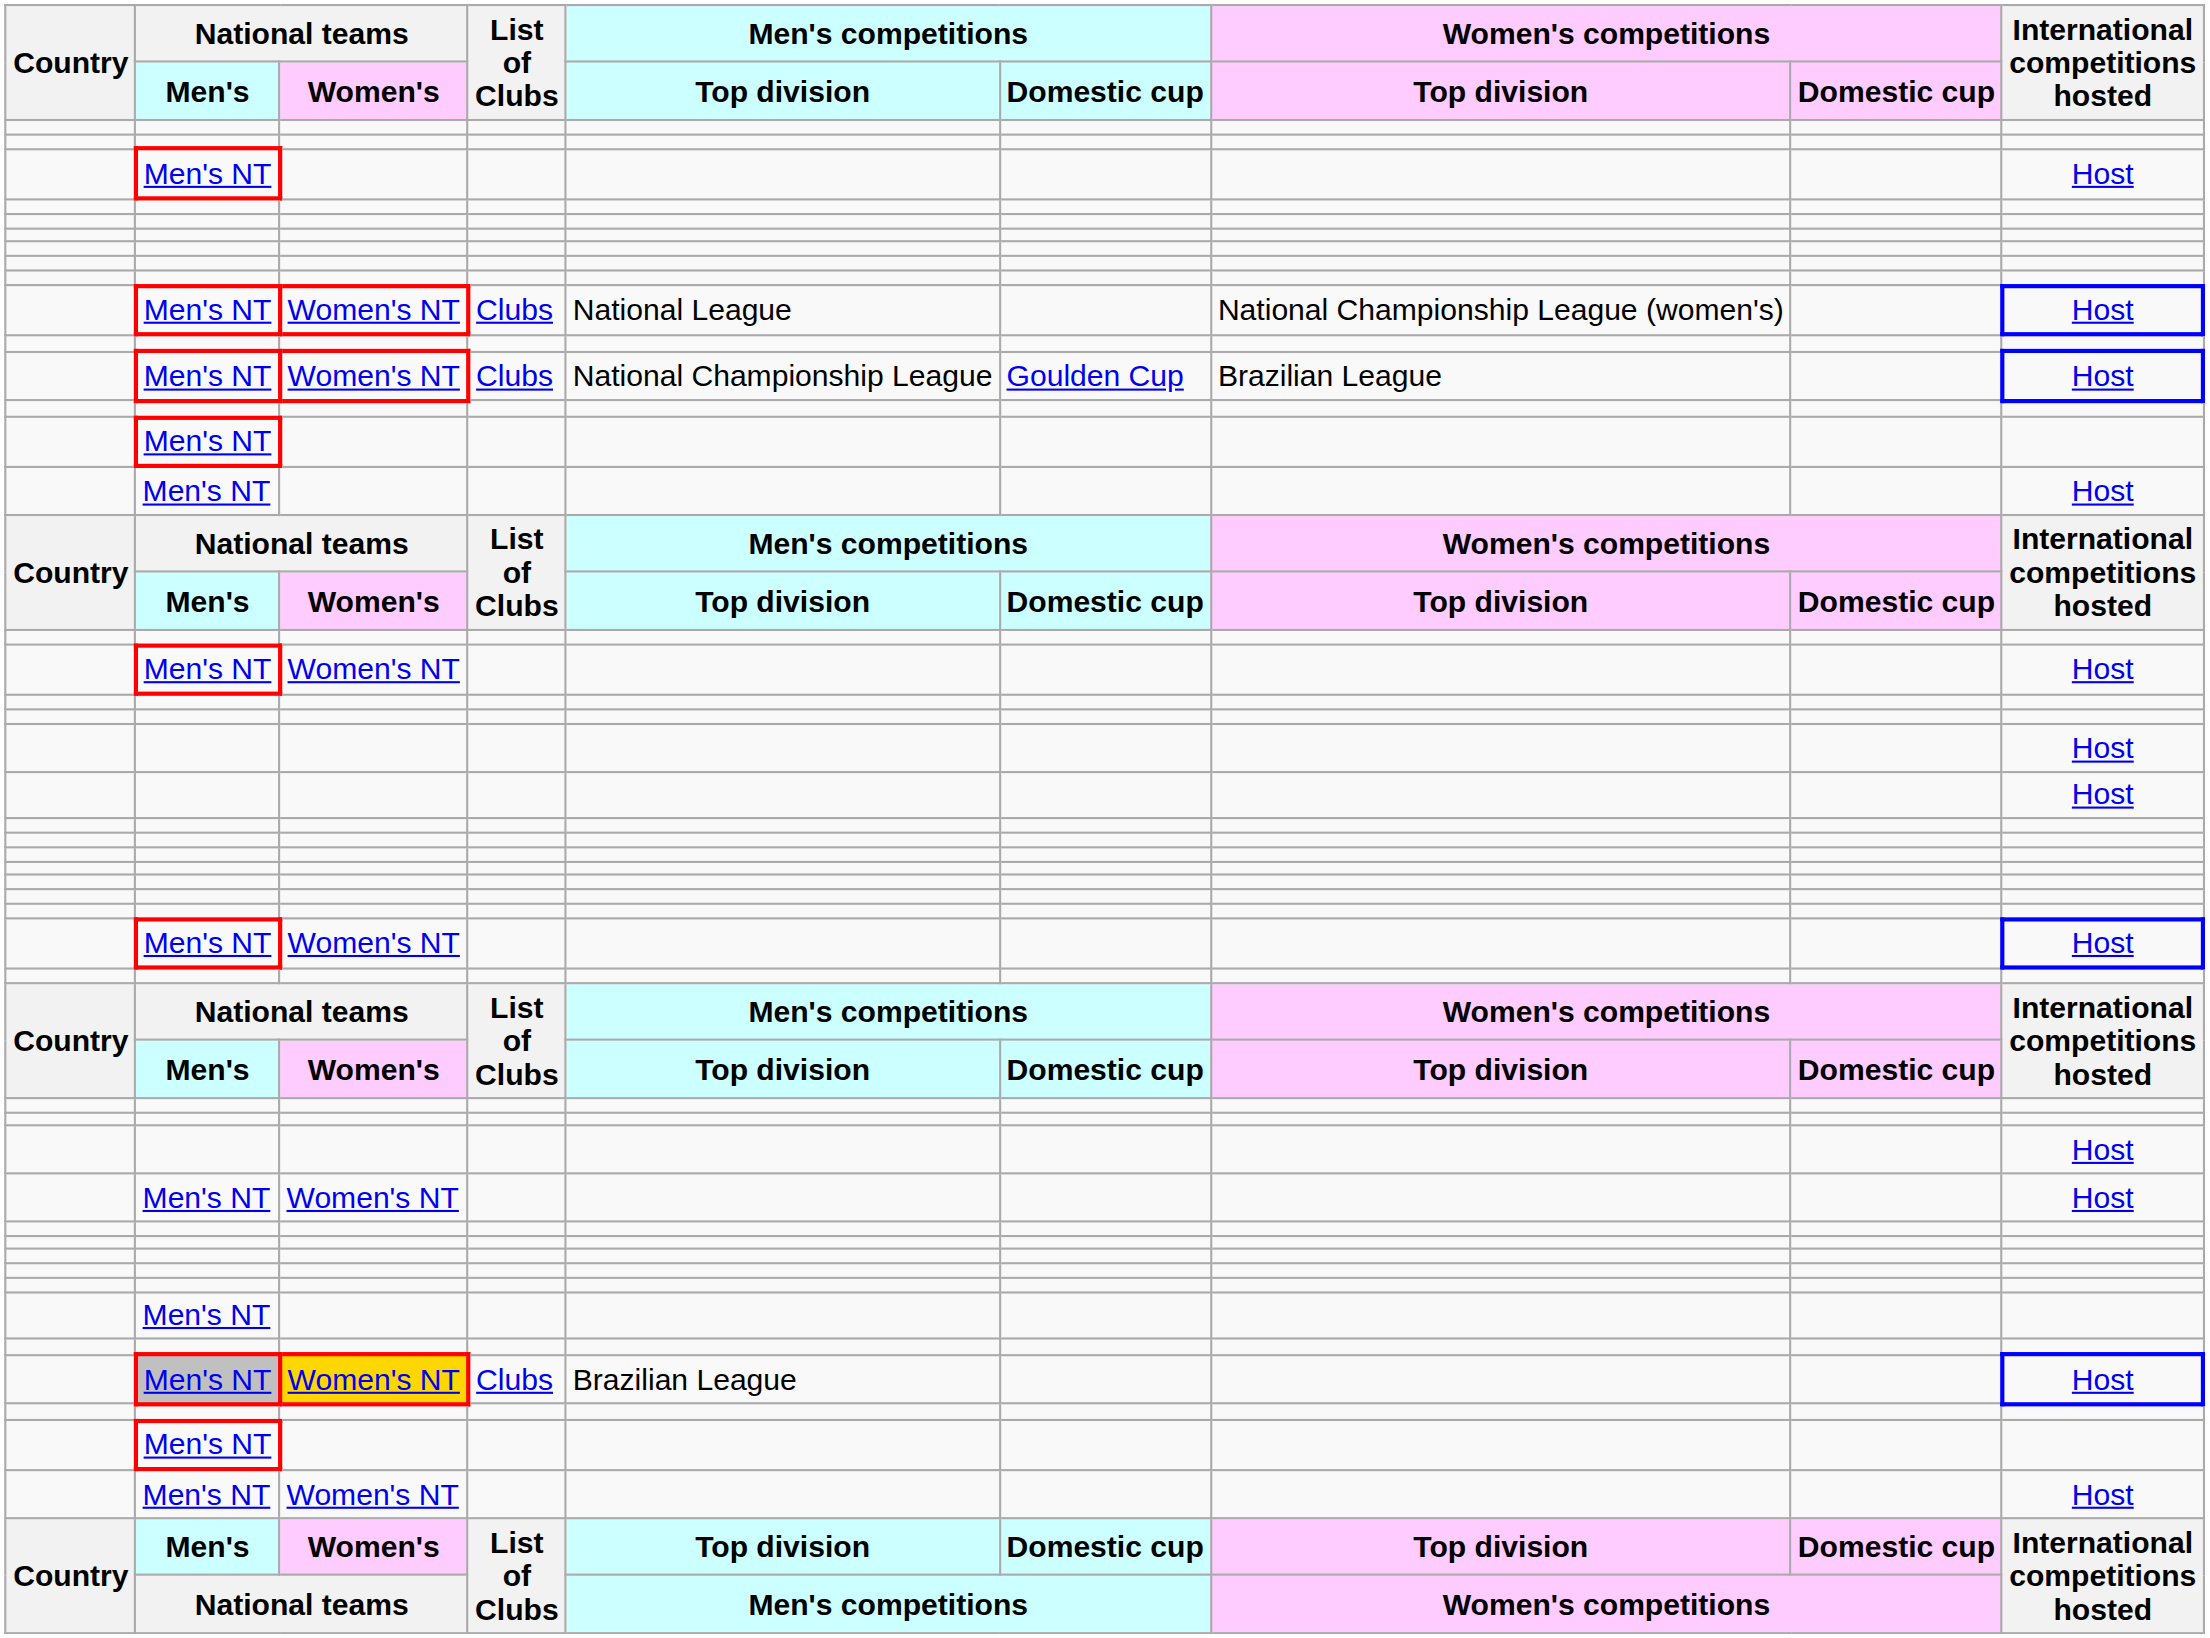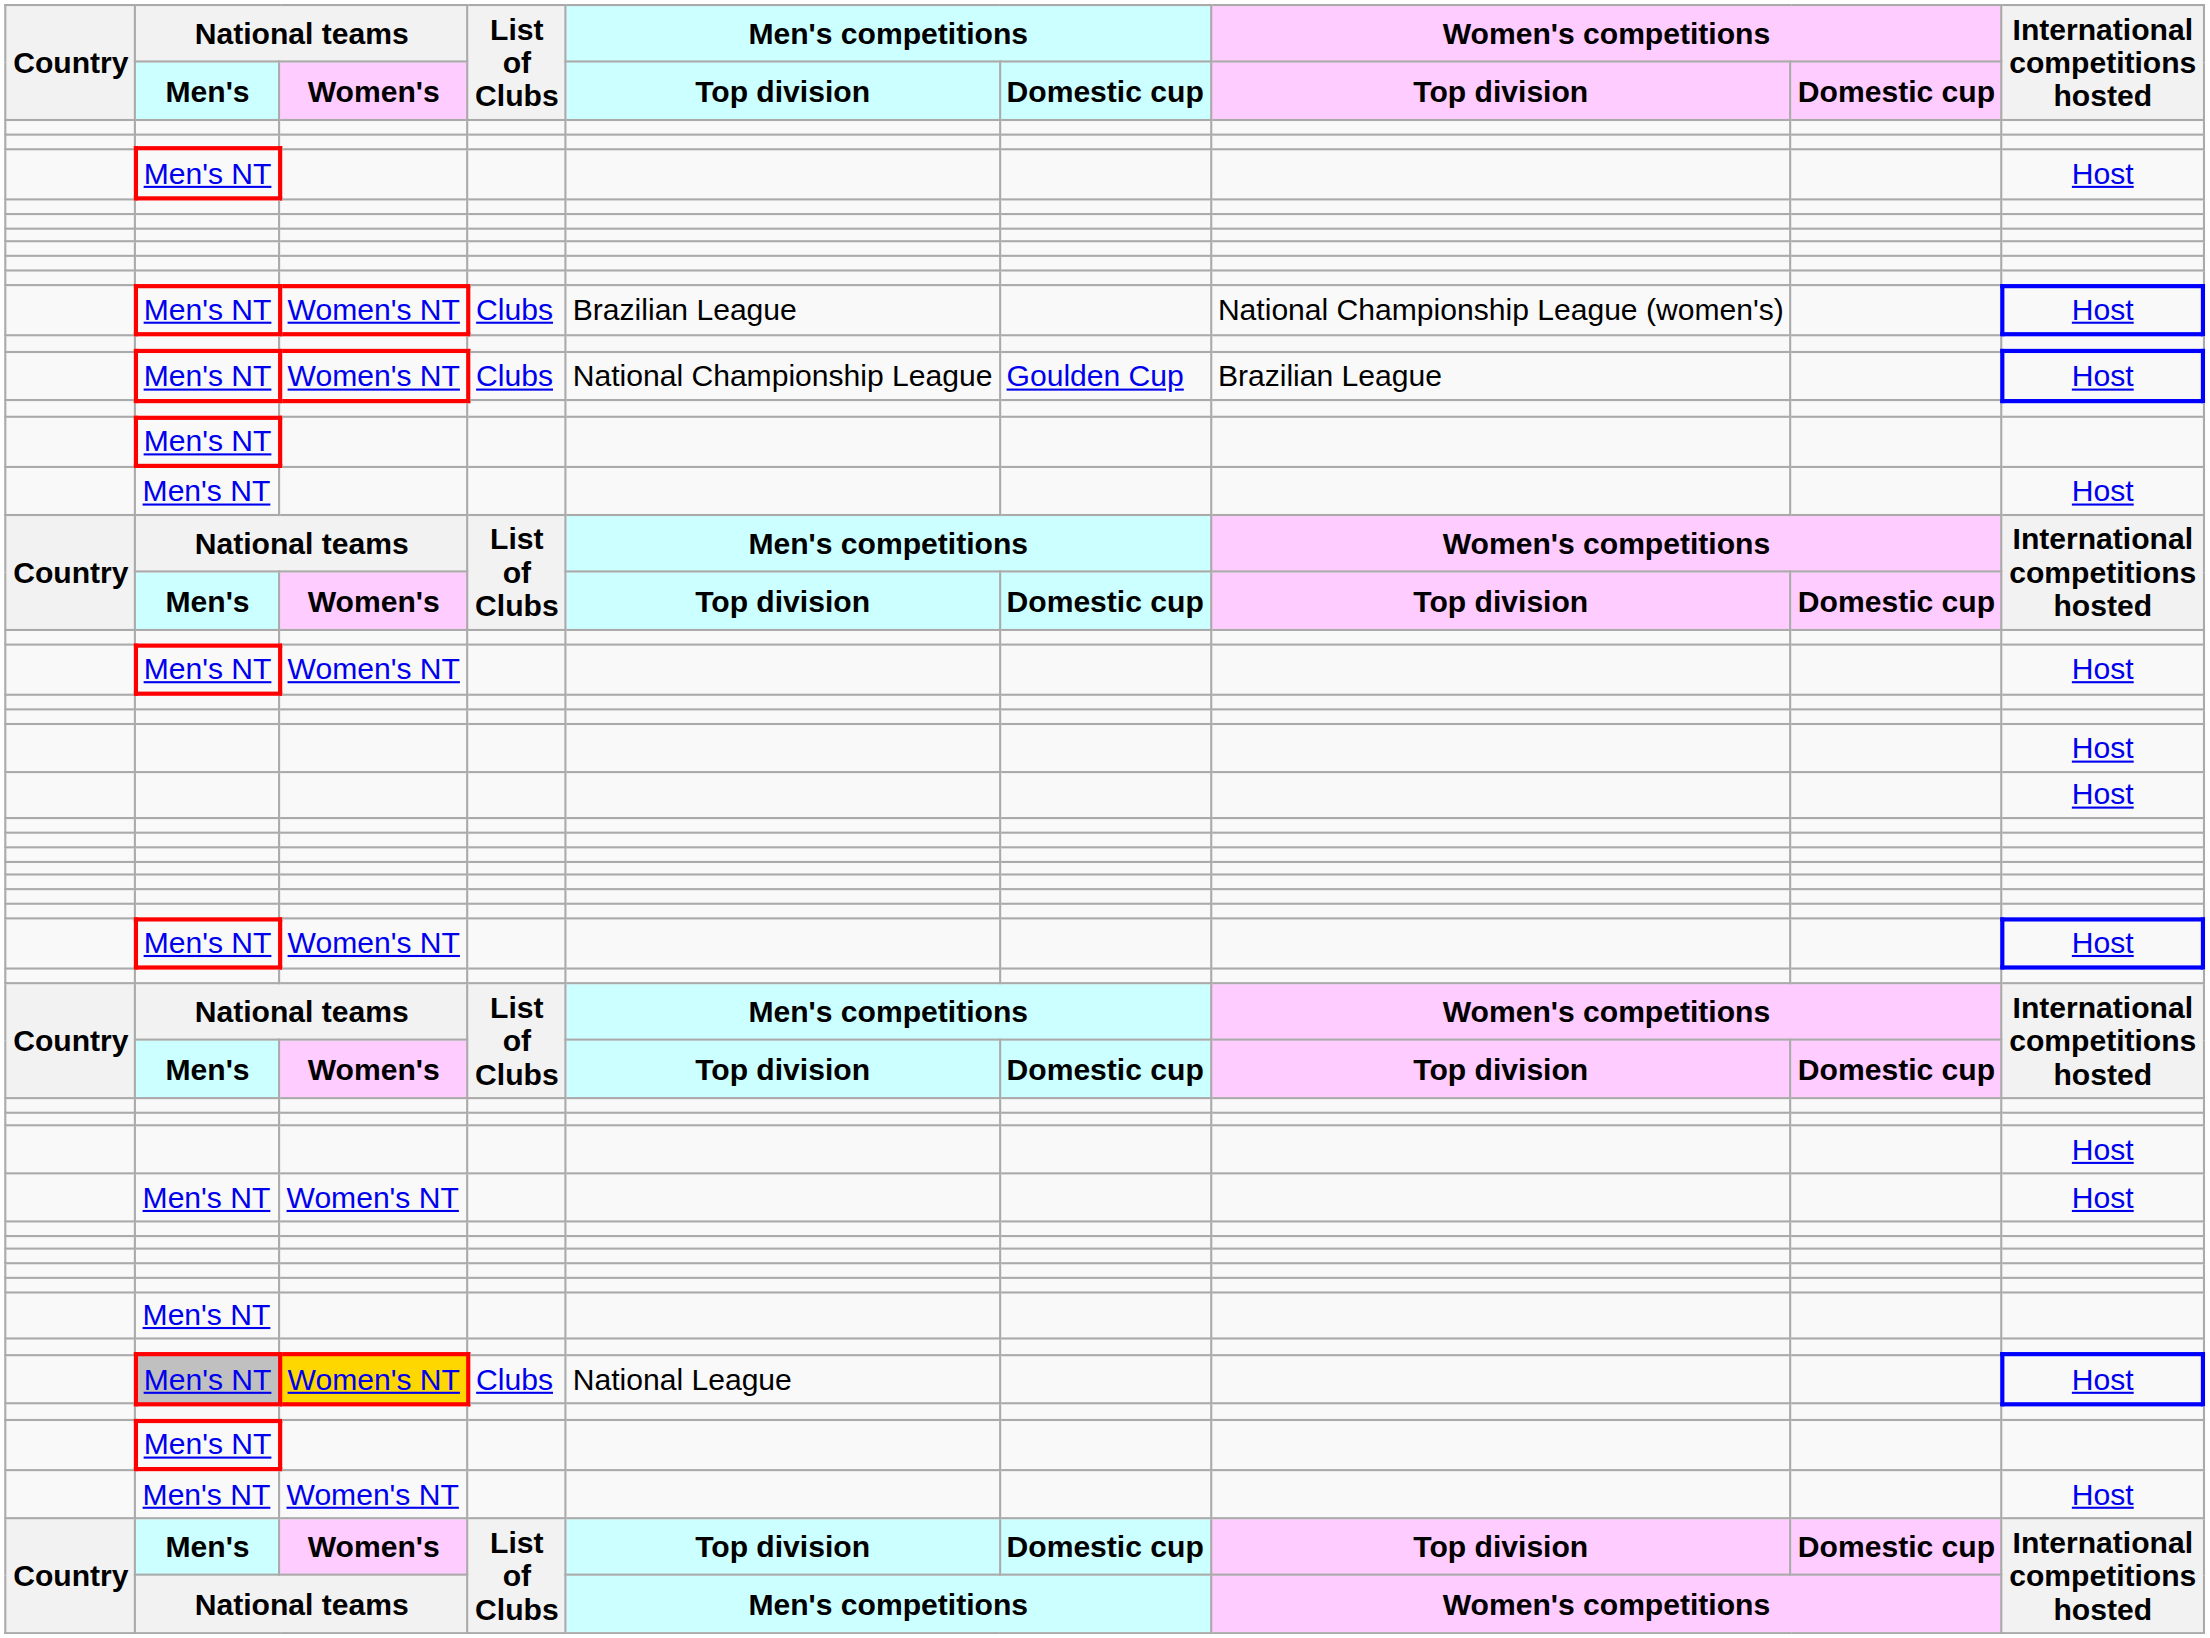 <table class="wikitable" style="text-align: left; font-size: 90%; margin-left: 1em;">
 <tr>
 <th rowspan="2">Country</th>
 <th colspan="2">National teams</th>
 <th rowspan="2">List<br>of<br>Clubs</th>
 <th colspan="2" style="background-color: #ccffff;">Men's competitions</th>
 <th colspan="2" style="background-color: #ffccff;">Women's competitions</th>
 <th rowspan="2">International<br>competitions<br>hosted</th>
 </tr>
 <tr>
 <th style="background-color: #ccffff;">Men's</th>
 <th style="background-color: #ffccff;">Women's</th>
 <th style="background-color: #ccffff;">Top division</th>
 <th style="background-color: #ccffff;">Domestic cup</th>
 <th style="background-color: #ffccff;">Top division</th>
 <th style="background-color: #ffccff;">Domestic cup</th>
 </tr>
 <tr>
 <td></td>
 <td></td>
 <td></td>
 <td></td>
 <td></td>
 <td></td>
 <td></td>
 <td></td>
 <td></td>
 </tr>
 <tr>
 <td></td>
 <td></td>
 <td></td>
 <td></td>
 <td></td>
 <td></td>
 <td></td>
 <td></td>
 <td></td>
 </tr>
 <tr>
 <td></td>
 <td style="border: 2px solid red;"><a href='#'>Men's NT</a></td>
 <td></td>
 <td></td>
 <td></td>
 <td></td>
 <td></td>
 <td></td>
 <td style="text-align: center;"><a href='#'>Host</a></td>
 </tr>
 <tr>
 <td></td>
 <td></td>
 <td></td>
 <td></td>
 <td></td>
 <td></td>
 <td></td>
 <td></td>
 <td></td>
 </tr>
 <tr>
 <td></td>
 <td></td>
 <td></td>
 <td></td>
 <td></td>
 <td></td>
 <td></td>
 <td></td>
 <td></td>
 </tr>
 <tr>
 <td></td>
 <td></td>
 <td></td>
 <td></td>
 <td></td>
 <td></td>
 <td></td>
 <td></td>
 <td></td>
 </tr>
 <tr>
 <td></td>
 <td></td>
 <td></td>
 <td></td>
 <td></td>
 <td></td>
 <td></td>
 <td></td>
 <td></td>
 </tr>
 <tr>
 <td></td>
 <td></td>
 <td></td>
 <td></td>
 <td></td>
 <td></td>
 <td></td>
 <td></td>
 <td></td>
 </tr>
 <tr>
 <td></td>
 <td></td>
 <td></td>
 <td></td>
 <td></td>
 <td></td>
 <td></td>
 <td></td>
 <td></td>
 </tr>
 <tr>
 <td></td>
 <td style="border: 2px solid red;"><a href='#'>Men's NT</a></td>
 <td style="border: 2px solid red;"><a href='#'>Women's NT</a></td>
 <td><a href='#'>Clubs</a></td>
-<td>National League</td>
+<td>Brazilian League</td>
 <td></td>
 <td>National Championship League (women's)</td>
 <td></td>
 <td style="border: 2px solid blue; text-align: center;"><a href='#'>Host</a></td>
 </tr>
 <tr>
 <td></td>
 <td></td>
 <td></td>
 <td></td>
 <td></td>
 <td></td>
 <td></td>
 <td></td>
 <td></td>
 </tr>
 <tr>
 <td></td>
 <td style="border: 2px solid red;"><a href='#'>Men's NT</a></td>
 <td style="border: 2px solid red;"><a href='#'>Women's NT</a></td>
 <td><a href='#'>Clubs</a></td>
 <td>National Championship League</td>
 <td><a href='#'>Goulden Cup</a></td>
 <td>Brazilian League</td>
 <td></td>
 <td style="border: 2px solid blue; text-align: center;"><a href='#'>Host</a></td>
 </tr>
 <tr>
 <td></td>
 <td></td>
 <td></td>
 <td></td>
 <td></td>
 <td></td>
 <td></td>
 <td></td>
 <td></td>
 </tr>
 <tr>
 <td></td>
 <td style="border: 2px solid red;"><a href='#'>Men's NT</a></td>
 <td></td>
 <td></td>
 <td></td>
 <td></td>
 <td></td>
 <td></td>
 <td></td>
 </tr>
 <tr>
 <td></td>
 <td><a href='#'>Men's NT</a></td>
 <td></td>
 <td></td>
 <td></td>
 <td></td>
 <td></td>
 <td></td>
 <td style="text-align: center;"><a href='#'>Host</a></td>
 </tr>
 <tr>
 <th rowspan="2">Country</th>
 <th colspan="2">National teams</th>
 <th rowspan="2">List<br>of<br>Clubs</th>
 <th colspan="2" style="background-color: #ccffff;">Men's competitions</th>
 <th colspan="2" style="background-color: #ffccff;">Women's competitions</th>
 <th rowspan="2">International<br>competitions<br>hosted</th>
 </tr>
 <tr>
 <th style="background-color: #ccffff;">Men's</th>
 <th style="background-color: #ffccff;">Women's</th>
 <th style="background-color: #ccffff;">Top division</th>
 <th style="background-color: #ccffff;">Domestic cup</th>
 <th style="background-color: #ffccff;">Top division</th>
 <th style="background-color: #ffccff;">Domestic cup</th>
 </tr>
 <tr>
 <td></td>
 <td></td>
 <td></td>
 <td></td>
 <td></td>
 <td></td>
 <td></td>
 <td></td>
 <td></td>
 </tr>
 <tr>
 <td></td>
 <td style="border: 2px solid red;"><a href='#'>Men's NT</a></td>
 <td><a href='#'>Women's NT</a></td>
 <td></td>
 <td></td>
 <td></td>
 <td></td>
 <td></td>
 <td style="text-align: center;"><a href='#'>Host</a></td>
 </tr>
 <tr>
 <td></td>
 <td></td>
 <td></td>
 <td></td>
 <td></td>
 <td></td>
 <td></td>
 <td></td>
 <td></td>
 </tr>
 <tr>
 <td></td>
 <td></td>
 <td></td>
 <td></td>
 <td></td>
 <td></td>
 <td></td>
 <td></td>
 <td></td>
 </tr>
 <tr>
 <td></td>
 <td></td>
 <td></td>
 <td></td>
 <td></td>
 <td></td>
 <td></td>
 <td></td>
 <td style="text-align: center;"><a href='#'>Host</a></td>
 </tr>
 <tr>
 <td></td>
 <td></td>
 <td></td>
 <td></td>
 <td></td>
 <td></td>
 <td></td>
 <td></td>
 <td style="text-align: center;"><a href='#'>Host</a></td>
 </tr>
 <tr>
 <td></td>
 <td></td>
 <td></td>
 <td></td>
 <td></td>
 <td></td>
 <td></td>
 <td></td>
 <td></td>
 </tr>
 <tr>
 <td></td>
 <td></td>
 <td></td>
 <td></td>
 <td></td>
 <td></td>
 <td></td>
 <td></td>
 <td></td>
 </tr>
 <tr>
 <td></td>
 <td></td>
 <td></td>
 <td></td>
 <td></td>
 <td></td>
 <td></td>
 <td></td>
 <td></td>
 </tr>
 <tr>
 <td></td>
 <td></td>
 <td></td>
 <td></td>
 <td></td>
 <td></td>
 <td></td>
 <td></td>
 <td></td>
 </tr>
 <tr>
 <td></td>
 <td></td>
 <td></td>
 <td></td>
 <td></td>
 <td></td>
 <td></td>
 <td></td>
 <td></td>
 </tr>
 <tr>
 <td></td>
 <td></td>
 <td></td>
 <td></td>
 <td></td>
 <td></td>
 <td></td>
 <td></td>
 <td></td>
 </tr>
 <tr>
 <td></td>
 <td></td>
 <td></td>
 <td></td>
 <td></td>
 <td></td>
 <td></td>
 <td></td>
 <td></td>
 </tr>
 <tr>
 <td></td>
 <td style="border: 2px solid red;"><a href='#'>Men's NT</a></td>
 <td><a href='#'>Women's NT</a></td>
 <td></td>
 <td></td>
 <td></td>
 <td></td>
 <td></td>
 <td style="border: 2px solid blue; text-align: center;"><a href='#'>Host</a></td>
 </tr>
 <tr>
 <td></td>
 <td></td>
 <td></td>
 <td></td>
 <td></td>
 <td></td>
 <td></td>
 <td></td>
 <td></td>
 </tr>
 <tr>
 <th rowspan="2">Country</th>
 <th colspan="2">National teams</th>
 <th rowspan="2">List<br>of<br>Clubs</th>
 <th colspan="2" style="background-color: #ccffff;">Men's competitions</th>
 <th colspan="2" style="background-color: #ffccff;">Women's competitions</th>
 <th rowspan="2">International<br>competitions<br>hosted</th>
 </tr>
 <tr>
 <th style="background-color: #ccffff;">Men's</th>
 <th style="background-color: #ffccff;">Women's</th>
 <th style="background-color: #ccffff;">Top division</th>
 <th style="background-color: #ccffff;">Domestic cup</th>
 <th style="background-color: #ffccff;">Top division</th>
 <th style="background-color: #ffccff;">Domestic cup</th>
 </tr>
 <tr>
 <td></td>
 <td></td>
 <td></td>
 <td></td>
 <td></td>
 <td></td>
 <td></td>
 <td></td>
 <td></td>
 </tr>
 <tr>
 <td></td>
 <td></td>
 <td></td>
 <td></td>
 <td></td>
 <td></td>
 <td></td>
 <td></td>
 <td></td>
 </tr>
 <tr>
 <td></td>
 <td></td>
 <td></td>
 <td></td>
 <td></td>
 <td></td>
 <td></td>
 <td></td>
 <td style="text-align: center;"><a href='#'>Host</a></td>
 </tr>
 <tr>
 <td></td>
 <td><a href='#'>Men's NT</a></td>
 <td><a href='#'>Women's NT</a></td>
 <td></td>
 <td></td>
 <td></td>
 <td></td>
 <td></td>
 <td style="text-align: center;"><a href='#'>Host</a></td>
 </tr>
 <tr>
 <td></td>
 <td></td>
 <td></td>
 <td></td>
 <td></td>
 <td></td>
 <td></td>
 <td></td>
 <td></td>
 </tr>
 <tr>
 <td></td>
 <td></td>
 <td></td>
 <td></td>
 <td></td>
 <td></td>
 <td></td>
 <td></td>
 <td></td>
 </tr>
 <tr>
 <td></td>
 <td></td>
 <td></td>
 <td></td>
 <td></td>
 <td></td>
 <td></td>
 <td></td>
 <td></td>
 </tr>
 <tr>
 <td></td>
 <td></td>
 <td></td>
 <td></td>
 <td></td>
 <td></td>
 <td></td>
 <td></td>
 <td></td>
 </tr>
 <tr>
 <td></td>
 <td></td>
 <td></td>
 <td></td>
 <td></td>
 <td></td>
 <td></td>
 <td></td>
 <td></td>
 </tr>
 <tr>
 <td></td>
 <td><a href='#'>Men's NT</a></td>
 <td></td>
 <td></td>
 <td></td>
 <td></td>
 <td></td>
 <td></td>
 <td></td>
 </tr>
 <tr>
 <td></td>
 <td></td>
 <td></td>
 <td></td>
 <td></td>
 <td></td>
 <td></td>
 <td></td>
 <td></td>
 </tr>
 <tr>
 <td></td>
 <td style="border: 2px solid red; background-color: silver;"><a href='#'>Men's NT</a></td>
 <td style="border: 2px solid red; background-color: gold;"><a href='#'>Women's NT</a></td>
 <td><a href='#'>Clubs</a></td>
-<td>Brazilian League</td>
+<td>National League</td>
 <td></td>
 <td></td>
 <td></td>
 <td style="border: 2px solid blue; text-align: center;"><a href='#'>Host</a></td>
 </tr>
 <tr>
 <td></td>
 <td></td>
 <td></td>
 <td></td>
 <td></td>
 <td></td>
 <td></td>
 <td></td>
 <td></td>
 </tr>
 <tr>
 <td></td>
 <td style="border: 2px solid red;"><a href='#'>Men's NT</a></td>
 <td></td>
 <td></td>
 <td></td>
 <td></td>
 <td></td>
 <td></td>
 <td></td>
 </tr>
 <tr>
 <td></td>
 <td><a href='#'>Men's NT</a></td>
 <td><a href='#'>Women's NT</a></td>
 <td></td>
 <td></td>
 <td></td>
 <td></td>
 <td></td>
 <td style="text-align: center;"><a href='#'>Host</a></td>
 </tr>
 <tr>
 <th rowspan="2">Country</th>
 <th style="background-color: #ccffff;">Men's</th>
 <th style="background-color: #ffccff;">Women's</th>
 <th rowspan="2">List<br>of<br>Clubs</th>
 <th style="background-color: #ccffff;">Top division</th>
 <th style="background-color: #ccffff;">Domestic cup</th>
 <th style="background-color: #ffccff;">Top division</th>
 <th style="background-color: #ffccff;">Domestic cup</th>
 <th rowspan="2">International<br>competitions<br>hosted</th>
 </tr>
 <tr>
 <th colspan="2">National teams</th>
 <th colspan="2" style="background-color: #ccffff;">Men's competitions</th>
 <th colspan="2" style="background-color: #ffccff;">Women's competitions</th>
 </tr>
 </table>
